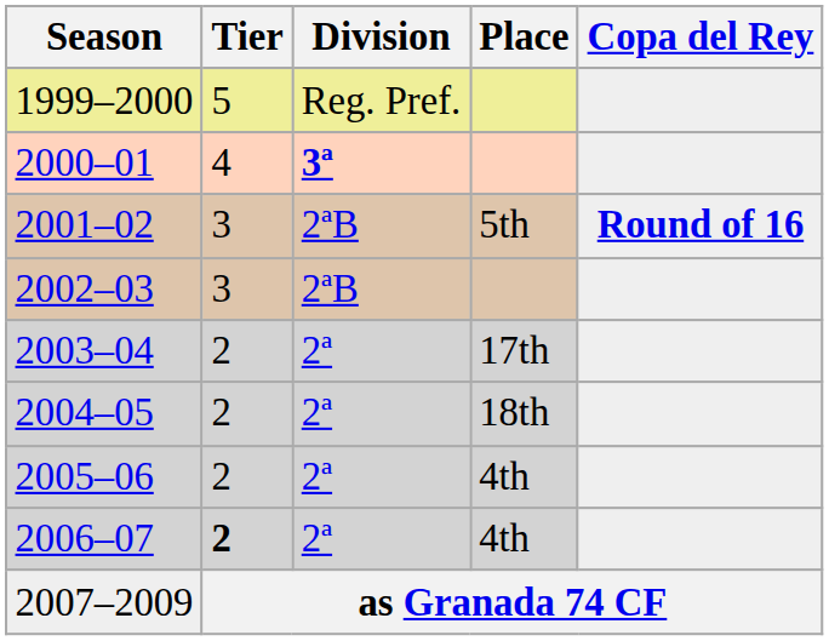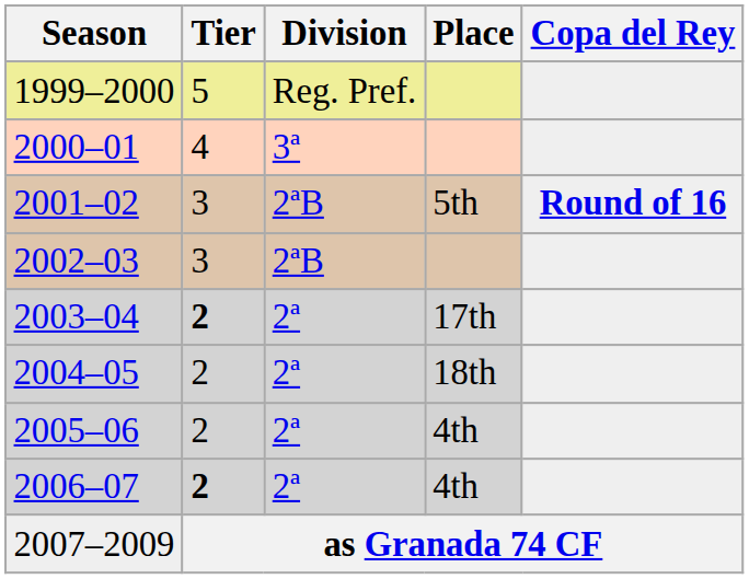 <table class="wikitable">
 <tr>
 <th>Season</th>
 <th>Tier</th>
 <th>Division</th>
 <th>Place</th>
 <th><a href='#'>Copa del Rey</a></th>
 </tr>
 <tr>
 <td style="background:#EFEF99;">1999–2000</td>
 <td style="background:#EFEF99;">5</td>
 <td style="background:#EFEF99;">Reg. Pref.</td>
 <td style="background:#EFEF99;"></td>
 <th style="background:#efefef;"></th>
 </tr>
 <tr>
 <td style="background:#FFD3BD;"><a href='#'>2000–01</a></td>
 <td style="background:#FFD3BD;">4</td>
-<td style="background:#FFD3BD;"><strong><a href='#'>3ª</a></strong></td>
+<td style="background:#FFD3BD;"><a href='#'>3ª</a></td>
 <td style="background:#FFD3BD;"></td>
 <th style="background:#efefef;"></th>
 </tr>
 <tr>
 <td style="background:#DEC5AB;"><a href='#'>2001–02</a></td>
 <td style="background:#DEC5AB;">3</td>
 <td style="background:#DEC5AB;"><a href='#'>2ªB</a></td>
 <td style="background:#DEC5AB;">5th</td>
 <th style="background:#efefef;"><a href='#'>Round of 16</a></th>
 </tr>
 <tr>
 <td style="background:#DEC5AB;"><a href='#'>2002–03</a></td>
 <td style="background:#DEC5AB;">3</td>
 <td style="background:#DEC5AB;"><a href='#'>2ªB</a></td>
 <td style="background:#DEC5AB;"></td>
 <th style="background:#efefef;"></th>
 </tr>
 <tr>
 <td style="background:#D3D3D3;"><a href='#'>2003–04</a></td>
-<td style="background:#D3D3D3;">2</td>
+<td style="background:#D3D3D3;"><strong>2</strong></td>
 <td style="background:#D3D3D3;"><a href='#'>2ª</a></td>
 <td style="background:#D3D3D3;">17th</td>
 <th style="background:#efefef;"></th>
 </tr>
 <tr>
 <td style="background:#D3D3D3;"><a href='#'>2004–05</a></td>
 <td style="background:#D3D3D3;">2</td>
 <td style="background:#D3D3D3;"><a href='#'>2ª</a></td>
 <td style="background:#D3D3D3;">18th</td>
 <th style="background:#efefef;"></th>
 </tr>
 <tr>
 <td style="background:#D3D3D3;"><a href='#'>2005–06</a></td>
 <td style="background:#D3D3D3;">2</td>
 <td style="background:#D3D3D3;"><a href='#'>2ª</a></td>
 <td style="background:#D3D3D3;">4th</td>
 <th style="background:#efefef;"></th>
 </tr>
 <tr>
 <td style="background:#D3D3D3;"><a href='#'>2006–07</a></td>
 <td style="background:#D3D3D3;"><strong>2</strong></td>
 <td style="background:#D3D3D3;"><a href='#'>2ª</a></td>
 <td style="background:#D3D3D3;">4th</td>
 <th style="background:#efefef;"></th>
 </tr>
 <tr>
 <td style="background:#efefef;">2007–2009</td>
 <th colspan="4">as <a href='#'>Granada 74 CF</a></th>
 </tr>
 </table>
